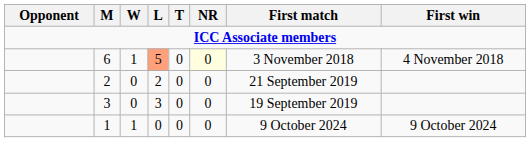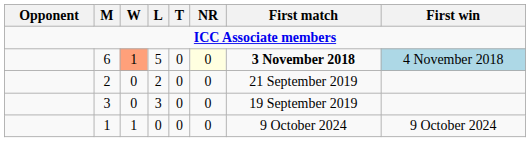 <table class="wikitable" style="text-align: center; width: 600px;">
 <tr>
 <th>Opponent</th>
 <th>M</th>
 <th>W</th>
 <th>L</th>
 <th>T</th>
 <th>NR</th>
 <th>First match</th>
 <th>First win</th>
 </tr>
 <tr>
 <td colspan="8" style="text-align: center;"><strong><a href='#'>ICC Associate members</a></strong></td>
 </tr>
 <tr>
 <td align=left></td>
 <td>6</td>
-<td>1</td>
-<td style="background: lightsalmon;">5</td>
+<td style="background: lightsalmon;">1</td>
+<td>5</td>
 <td>0</td>
 <td style="background: lightyellow;">0</td>
-<td>3 November 2018</td>
-<td>4 November 2018</td>
+<td><strong>3 November 2018</strong></td>
+<td style="background: lightblue;">4 November 2018</td>
 </tr>
 <tr>
 <td align=left></td>
 <td>2</td>
 <td>0</td>
 <td>2</td>
 <td>0</td>
 <td>0</td>
 <td>21 September 2019</td>
 <td></td>
 </tr>
 <tr>
 <td align=left></td>
 <td>3</td>
 <td>0</td>
 <td>3</td>
 <td>0</td>
 <td>0</td>
 <td>19 September 2019</td>
 <td></td>
 </tr>
 <tr>
 <td align=left></td>
 <td>1</td>
 <td>1</td>
 <td>0</td>
 <td>0</td>
 <td>0</td>
 <td>9 October 2024</td>
 <td>9 October 2024</td>
 </tr>
 </table>
